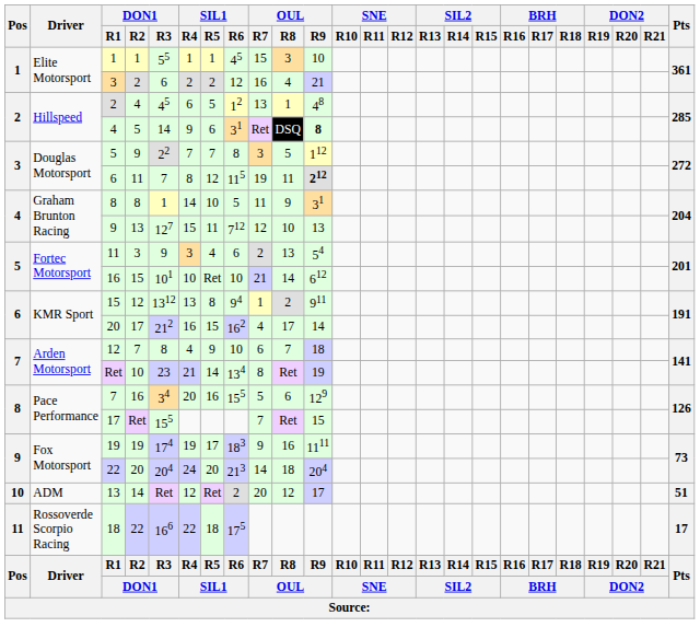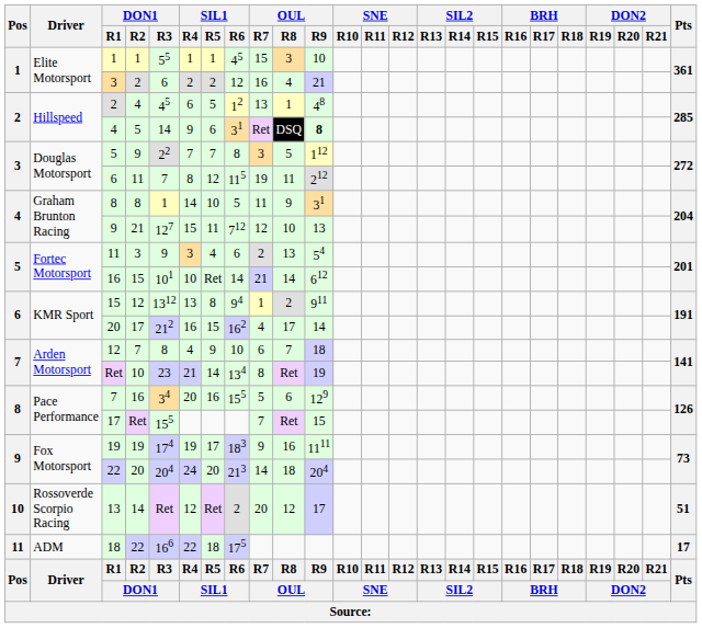 <table class="wikitable" style="font-size: 85%; text-align: center">
 <tr>
 <th rowspan="2" valign="middle">Pos</th>
 <th rowspan="2" valign="middle">Driver</th>
 <th colspan="3"><a href='#'>DON1</a></th>
 <th colspan="3"><a href='#'>SIL1</a></th>
 <th colspan="3"><a href='#'>OUL</a></th>
 <th colspan="3"><a href='#'>SNE</a></th>
 <th colspan="3"><a href='#'>SIL2</a></th>
 <th colspan="3"><a href='#'>BRH</a></th>
 <th colspan="3"><a href='#'>DON2</a></th>
 <th rowspan="2" valign="middle">Pts</th>
 </tr>
 <tr>
 <th>R1</th>
 <th>R2</th>
 <th>R3</th>
 <th>R4</th>
 <th>R5</th>
 <th>R6</th>
 <th>R7</th>
 <th>R8</th>
 <th>R9</th>
 <th>R10</th>
 <th>R11</th>
 <th>R12</th>
 <th>R13</th>
 <th>R14</th>
 <th>R15</th>
 <th>R16</th>
 <th>R17</th>
 <th>R18</th>
 <th>R19</th>
 <th>R20</th>
 <th>R21</th>
 </tr>
 <tr>
 <th rowspan="2">1</th>
 <td rowspan="2"  align="left"> Elite Motorsport</td>
 <td bgcolor="#ffffbf">1</td>
 <td bgcolor="#ffffbf">1</td>
 <td bgcolor="#dfffdf">5<sup>5</sup></td>
 <td bgcolor="#ffffbf">1</td>
 <td bgcolor="#ffffbf">1</td>
 <td bgcolor="#dfffdf">4<sup>5</sup></td>
 <td bgcolor="#dfffdf">15</td>
 <td bgcolor="#ffdf9f">3</td>
 <td bgcolor="#dfffdf">10</td>
 <td></td>
 <td></td>
 <td></td>
 <td></td>
 <td></td>
 <td></td>
 <td></td>
 <td></td>
 <td></td>
 <td></td>
 <td></td>
 <td></td>
 <th rowspan="2">361</th>
 </tr>
 <tr>
 <td bgcolor="#ffdf9f">3</td>
 <td bgcolor="#dfdfdf">2</td>
 <td bgcolor="#dfffdf">6</td>
 <td bgcolor="#dfdfdf">2</td>
 <td bgcolor="#dfdfdf">2</td>
 <td bgcolor="#dfffdf">12</td>
 <td bgcolor="#dfffdf">16</td>
 <td bgcolor="#dfffdf">4</td>
 <td bgcolor="#cfcfff">21</td>
 <td></td>
 <td></td>
 <td></td>
 <td></td>
 <td></td>
 <td></td>
 <td></td>
 <td></td>
 <td></td>
 <td></td>
 <td></td>
 <td></td>
 </tr>
 <tr>
 <th rowspan="2">2</th>
 <td rowspan="2"  align="left"> <a href='#'>Hillspeed</a></td>
 <td bgcolor="#dfdfdf">2</td>
 <td bgcolor="#dfffdf">4</td>
 <td bgcolor="#dfffdf">4<sup>5</sup></td>
 <td bgcolor="#dfffdf">6</td>
 <td bgcolor="#dfffdf">5</td>
 <td bgcolor="#ffffbf">1<sup>2</sup></td>
 <td bgcolor="#dfffdf">13</td>
 <td bgcolor="#ffffbf">1</td>
 <td bgcolor="#dfffdf">4<sup>8</sup></td>
 <td></td>
 <td></td>
 <td></td>
 <td></td>
 <td></td>
 <td></td>
 <td></td>
 <td></td>
 <td></td>
 <td></td>
 <td></td>
 <td></td>
 <th rowspan="2">285</th>
 </tr>
 <tr>
 <td bgcolor="#dfffdf">4</td>
 <td bgcolor="#dfffdf">5</td>
 <td bgcolor="#dfffdf">14</td>
 <td bgcolor="#dfffdf">9</td>
 <td bgcolor="#dfffdf">6</td>
 <td bgcolor="#ffdf9f">3<sup>1</sup></td>
 <td bgcolor="#efcfff">Ret</td>
 <td style="background-color:#000000;color:white">DSQ</td>
 <td bgcolor="#dfffdf"><strong>8</strong></td>
 <td></td>
 <td></td>
 <td></td>
 <td></td>
 <td></td>
 <td></td>
 <td></td>
 <td></td>
 <td></td>
 <td></td>
 <td></td>
 <td></td>
 </tr>
 <tr>
 <th rowspan="2">3</th>
 <td rowspan="2" align="left"> Douglas Motorsport</td>
 <td bgcolor="#dfffdf">5</td>
 <td bgcolor="#dfffdf">9</td>
 <td bgcolor="#dfdfdf">2<sup>2</sup></td>
 <td bgcolor="#dfffdf">7</td>
 <td bgcolor="#dfffdf">7</td>
 <td bgcolor="#dfffdf">8</td>
 <td bgcolor="#ffdf9f">3</td>
 <td bgcolor="#dfffdf">5</td>
 <td bgcolor="#ffffbf">1<sup>12</sup></td>
 <td></td>
 <td></td>
 <td></td>
 <td></td>
 <td></td>
 <td></td>
 <td></td>
 <td></td>
 <td></td>
 <td></td>
 <td></td>
 <td></td>
 <th rowspan="2">272</th>
 </tr>
 <tr>
 <td bgcolor="#dfffdf">6</td>
 <td bgcolor="#dfffdf">11</td>
 <td bgcolor="#dfffdf">7</td>
 <td bgcolor="#dfffdf">8</td>
 <td bgcolor="#dfffdf">12</td>
 <td bgcolor="#dfffdf">11<sup>5</sup></td>
 <td bgcolor="#dfffdf">19</td>
 <td bgcolor="#dfffdf">11</td>
-<td bgcolor="#dfdfdf"><strong>2<sup>12</sup></strong></td>
+<td bgcolor="#dfdfdf">2<sup>12</sup></td>
 <td></td>
 <td></td>
 <td></td>
 <td></td>
 <td></td>
 <td></td>
 <td></td>
 <td></td>
 <td></td>
 <td></td>
 <td></td>
 <td></td>
 </tr>
 <tr>
 <th rowspan="2">4</th>
 <td rowspan="2" align="left"> Graham Brunton Racing</td>
 <td bgcolor="#dfffdf">8</td>
 <td bgcolor="#dfffdf">8</td>
 <td bgcolor="#ffffbf">1</td>
 <td bgcolor="#dfffdf">14</td>
 <td bgcolor="#dfffdf">10</td>
 <td bgcolor="#dfffdf">5</td>
 <td bgcolor="#dfffdf">11</td>
 <td bgcolor="#dfffdf">9</td>
 <td bgcolor="#ffdf9f">3<sup>1</sup></td>
 <td></td>
 <td></td>
 <td></td>
 <td></td>
 <td></td>
 <td></td>
 <td></td>
 <td></td>
 <td></td>
 <td></td>
 <td></td>
 <td></td>
 <th rowspan="2">204</th>
 </tr>
 <tr>
 <td bgcolor="#dfffdf">9</td>
-<td bgcolor="#dfffdf">13</td>
+<td bgcolor="#dfffdf">21</td>
 <td bgcolor="#dfffdf">12<sup>7</sup></td>
 <td bgcolor="#dfffdf">15</td>
 <td bgcolor="#dfffdf">11</td>
 <td bgcolor="#dfffdf">7<sup>12</sup></td>
 <td bgcolor="#dfffdf">12</td>
 <td bgcolor="#dfffdf">10</td>
 <td bgcolor="#dfffdf">13</td>
 <td></td>
 <td></td>
 <td></td>
 <td></td>
 <td></td>
 <td></td>
 <td></td>
 <td></td>
 <td></td>
 <td></td>
 <td></td>
 <td></td>
 </tr>
 <tr>
 <th rowspan="2">5</th>
 <td rowspan="2" align="left"> <a href='#'>Fortec Motorsport</a></td>
 <td bgcolor="#dfffdf">11</td>
 <td bgcolor="#dfffdf">3</td>
 <td bgcolor="#dfffdf">9</td>
 <td bgcolor="#ffdf9f">3</td>
 <td bgcolor="#dfffdf">4</td>
 <td bgcolor="#dfffdf">6</td>
 <td bgcolor="#dfdfdf">2</td>
 <td bgcolor="#dfffdf">13</td>
 <td bgcolor="#dfffdf">5<sup>4</sup></td>
 <td></td>
 <td></td>
 <td></td>
 <td></td>
 <td></td>
 <td></td>
 <td></td>
 <td></td>
 <td></td>
 <td></td>
 <td></td>
 <td></td>
 <th rowspan="2">201</th>
 </tr>
 <tr>
 <td bgcolor="#dfffdf">16</td>
 <td bgcolor="#dfffdf">15</td>
 <td bgcolor="#dfffdf">10<sup>1</sup></td>
 <td bgcolor="#dfffdf">10</td>
 <td bgcolor="#dfffdf">Ret</td>
-<td bgcolor="#dfffdf">10</td>
+<td bgcolor="#dfffdf">14</td>
 <td bgcolor="#cfcfff">21</td>
 <td bgcolor="#dfffdf">14</td>
 <td bgcolor="#dfffdf">6<sup>12</sup></td>
 <td></td>
 <td></td>
 <td></td>
 <td></td>
 <td></td>
 <td></td>
 <td></td>
 <td></td>
 <td></td>
 <td></td>
 <td></td>
 <td></td>
 </tr>
 <tr>
 <th rowspan="2">6</th>
 <td rowspan="2" align="left"> KMR Sport</td>
 <td bgcolor="#dfffdf">15</td>
 <td bgcolor="#dfffdf">12</td>
 <td bgcolor="#dfffdf">13<sup>12</sup></td>
 <td bgcolor="#dfffdf">13</td>
 <td bgcolor="#dfffdf">8</td>
 <td bgcolor="#dfffdf">9<sup>4</sup></td>
 <td bgcolor="#ffffbf">1</td>
 <td bgcolor="#dfdfdf">2</td>
 <td bgcolor="#dfffdf">9<sup>11</sup></td>
 <td></td>
 <td></td>
 <td></td>
 <td></td>
 <td></td>
 <td></td>
 <td></td>
 <td></td>
 <td></td>
 <td></td>
 <td></td>
 <td></td>
 <th rowspan="2">191</th>
 </tr>
 <tr>
 <td bgcolor="#dfffdf">20</td>
 <td bgcolor="#dfffdf">17</td>
 <td bgcolor="#cfcfff">21<sup>2</sup></td>
 <td bgcolor="#dfffdf">16</td>
 <td bgcolor="#dfffdf">15</td>
 <td bgcolor="#cfcfff">16<sup>2</sup></td>
 <td bgcolor="#dfffdf">4</td>
 <td bgcolor="#dfffdf">17</td>
 <td bgcolor="#dfffdf">14</td>
 <td></td>
 <td></td>
 <td></td>
 <td></td>
 <td></td>
 <td></td>
 <td></td>
 <td></td>
 <td></td>
 <td></td>
 <td></td>
 <td></td>
 </tr>
 <tr>
 <th rowspan="2">7</th>
 <td rowspan="2" align="left"> <a href='#'>Arden Motorsport</a></td>
 <td bgcolor="#dfffdf">12</td>
 <td bgcolor="#dfffdf">7</td>
 <td bgcolor="#dfffdf">8</td>
 <td bgcolor="#dfffdf">4</td>
 <td bgcolor="#dfffdf">9</td>
 <td bgcolor="#dfffdf">10</td>
 <td bgcolor="#dfffdf">6</td>
 <td bgcolor="#dfffdf">7</td>
 <td bgcolor="#cfcfff">18</td>
 <td></td>
 <td></td>
 <td></td>
 <td></td>
 <td></td>
 <td></td>
 <td></td>
 <td></td>
 <td></td>
 <td></td>
 <td></td>
 <td></td>
 <th rowspan="2">141</th>
 </tr>
 <tr>
 <td bgcolor="#efcfff">Ret</td>
 <td bgcolor="#dfffdf">10</td>
 <td bgcolor="#cfcfff">23</td>
 <td bgcolor="#cfcfff">21</td>
 <td bgcolor="#dfffdf">14</td>
 <td bgcolor="#dfffdf">13<sup>4</sup></td>
 <td bgcolor="#dfffdf">8</td>
 <td bgcolor="#efcfff">Ret</td>
 <td bgcolor="#cfcfff">19</td>
 <td></td>
 <td></td>
 <td></td>
 <td></td>
 <td></td>
 <td></td>
 <td></td>
 <td></td>
 <td></td>
 <td></td>
 <td></td>
 <td></td>
 </tr>
 <tr>
 <th rowspan="2">8</th>
 <td rowspan="2" align="left"> Pace Performance</td>
 <td bgcolor="#dfffdf">7</td>
 <td bgcolor="#dfffdf">16</td>
 <td bgcolor="#ffdf9f">3<sup>4</sup></td>
 <td bgcolor="#dfffdf">20</td>
 <td bgcolor="#dfffdf">16</td>
 <td bgcolor="#dfffdf">15<sup>5</sup></td>
 <td bgcolor="#dfffdf">5</td>
 <td bgcolor="#dfffdf">6</td>
 <td bgcolor="#dfffdf">12<sup>9</sup></td>
 <td></td>
 <td></td>
 <td></td>
 <td></td>
 <td></td>
 <td></td>
 <td></td>
 <td></td>
 <td></td>
 <td></td>
 <td></td>
 <td></td>
 <th rowspan="2">126</th>
 </tr>
 <tr>
 <td bgcolor="#dfffdf">17</td>
 <td bgcolor="#efcfff">Ret</td>
 <td bgcolor="#dfffdf">15<sup>5</sup></td>
 <td></td>
 <td></td>
 <td></td>
 <td bgcolor="#dfffdf">7</td>
 <td bgcolor="#efcfff">Ret</td>
 <td bgcolor="#dfffdf">15</td>
 <td></td>
 <td></td>
 <td></td>
 <td></td>
 <td></td>
 <td></td>
 <td></td>
 <td></td>
 <td></td>
 <td></td>
 <td></td>
 <td></td>
 </tr>
 <tr>
 <th rowspan="2">9</th>
 <td rowspan="2" align="left"> Fox Motorsport</td>
 <td bgcolor="#dfffdf">19</td>
 <td bgcolor="#dfffdf">19</td>
 <td bgcolor="#cfcfff">17<sup>4</sup></td>
 <td bgcolor="#dfffdf">19</td>
 <td bgcolor="#dfffdf">17</td>
 <td bgcolor="#cfcfff">18<sup>3</sup></td>
 <td bgcolor="#dfffdf">9</td>
 <td bgcolor="#dfffdf">16</td>
 <td bgcolor="#dfffdf">11<sup>11</sup></td>
 <td></td>
 <td></td>
 <td></td>
 <td></td>
 <td></td>
 <td></td>
 <td></td>
 <td></td>
 <td></td>
 <td></td>
 <td></td>
 <td></td>
 <th rowspan="2">73</th>
 </tr>
 <tr>
 <td bgcolor="#cfcfff">22</td>
 <td bgcolor="#dfffdf">20</td>
 <td bgcolor="#cfcfff">20<sup>4</sup></td>
 <td bgcolor="#cfcfff">24</td>
 <td bgcolor="#dfffdf">20</td>
 <td bgcolor="#cfcfff">21<sup>3</sup></td>
 <td bgcolor="#dfffdf">14</td>
 <td bgcolor="#dfffdf">18</td>
 <td bgcolor="#cfcfff">20<sup>4</sup></td>
 <td></td>
 <td></td>
 <td></td>
 <td></td>
 <td></td>
 <td></td>
 <td></td>
 <td></td>
 <td></td>
 <td></td>
 <td></td>
 <td></td>
 </tr>
 <tr>
 <th>10</th>
-<td align="left"> ADM</td>
+<td align="left"> Rossoverde Scorpio Racing</td>
 <td bgcolor="#dfffdf">13</td>
 <td bgcolor="#dfffdf">14</td>
 <td bgcolor="#efcfff">Ret</td>
 <td bgcolor="#dfffdf">12</td>
 <td bgcolor="#efcfff">Ret</td>
 <td bgcolor="#dfdfdf">2</td>
 <td bgcolor="#dfffdf">20</td>
 <td bgcolor="#dfffdf">12</td>
 <td bgcolor="#cfcfff">17</td>
 <td></td>
 <td></td>
 <td></td>
 <td></td>
 <td></td>
 <td></td>
 <td></td>
 <td></td>
 <td></td>
 <td></td>
 <td></td>
 <td></td>
 <th>51</th>
 </tr>
 <tr>
 <th>11</th>
-<td align="left"> Rossoverde Scorpio Racing</td>
+<td align="left"> ADM</td>
 <td bgcolor="#dfffdf">18</td>
 <td bgcolor="#cfcfff">22</td>
 <td bgcolor="#cfcfff">16<sup>6</sup></td>
 <td bgcolor="#cfcfff">22</td>
 <td bgcolor="#dfffdf">18</td>
 <td bgcolor="#cfcfff">17<sup>5</sup></td>
 <td></td>
 <td></td>
 <td></td>
 <td></td>
 <td></td>
 <td></td>
 <td></td>
 <td></td>
 <td></td>
 <td></td>
 <td></td>
 <td></td>
 <td></td>
 <td></td>
 <td></td>
 <th>17</th>
 </tr>
 <tr>
 <th rowspan="2">Pos</th>
 <th rowspan="2">Driver</th>
 <th>R1</th>
 <th>R2</th>
 <th>R3</th>
 <th>R4</th>
 <th>R5</th>
 <th>R6</th>
 <th>R7</th>
 <th>R8</th>
 <th>R9</th>
 <th>R10</th>
 <th>R11</th>
 <th>R12</th>
 <th>R13</th>
 <th>R14</th>
 <th>R15</th>
 <th>R16</th>
 <th>R17</th>
 <th>R18</th>
 <th>R19</th>
 <th>R20</th>
 <th>R21</th>
 <th rowspan="2">Pts</th>
 </tr>
 <tr>
 <th colspan="3"><a href='#'>DON1</a></th>
 <th colspan="3"><a href='#'>SIL1</a></th>
 <th colspan="3"><a href='#'>OUL</a></th>
 <th colspan="3"><a href='#'>SNE</a></th>
 <th colspan="3"><a href='#'>SIL2</a></th>
 <th colspan="3"><a href='#'>BRH</a></th>
 <th colspan="3"><a href='#'>DON2</a></th>
 </tr>
 <tr>
 <th colspan="24">Source:</th>
 </tr>
 </table>
